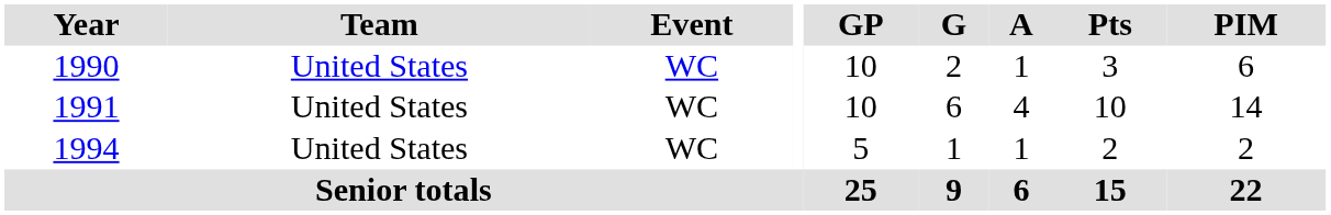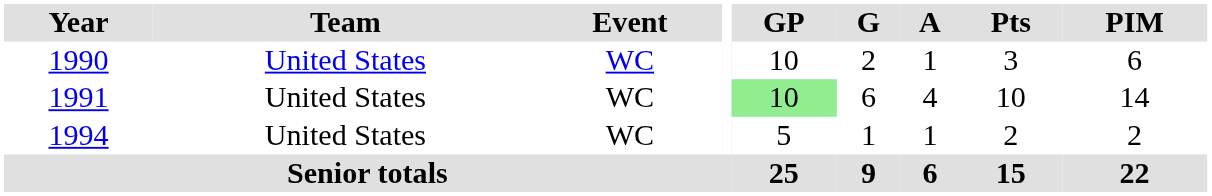 <table border="0" cellpadding="1" cellspacing="0" ID="Table3" style="text-align:center; width:40em">
 <tr bgcolor="#e0e0e0">
 <th>Year</th>
 <th>Team</th>
 <th>Event</th>
 <th rowspan="102" bgcolor="#ffffff"></th>
 <th>GP</th>
 <th>G</th>
 <th>A</th>
 <th>Pts</th>
 <th>PIM</th>
 </tr>
 <tr>
 <td><a href='#'>1990</a></td>
 <td><a href='#'>United States</a></td>
 <td><a href='#'>WC</a></td>
 <td>10</td>
 <td>2</td>
 <td>1</td>
 <td>3</td>
 <td>6</td>
 </tr>
 <tr>
 <td><a href='#'>1991</a></td>
 <td>United States</td>
 <td>WC</td>
-<td>10</td>
+<td style="background: lightgreen;">10</td>
 <td>6</td>
 <td>4</td>
 <td>10</td>
 <td>14</td>
 </tr>
 <tr>
 <td><a href='#'>1994</a></td>
 <td>United States</td>
 <td>WC</td>
 <td>5</td>
 <td>1</td>
 <td>1</td>
 <td>2</td>
 <td>2</td>
 </tr>
 <tr bgcolor="#e0e0e0">
 <th colspan="4">Senior totals</th>
 <th>25</th>
 <th>9</th>
 <th>6</th>
 <th>15</th>
 <th>22</th>
 </tr>
 </table>
